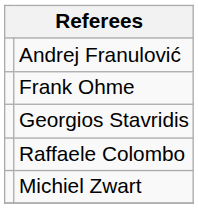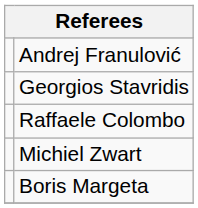 <table class="wikitable" style="display: inline-table;">
 <tr>
 <th colspan="2">Referees</th>
 </tr>
 <tr>
 <td></td>
 <td>Andrej Franulović</td>
-</tr>
-<tr>
-<td></td>
-<td>Frank Ohme</td>
 </tr>
 <tr>
 <td></td>
 <td>Georgios Stavridis</td>
 </tr>
 <tr>
 <td></td>
 <td>Raffaele Colombo</td>
 </tr>
 <tr>
 <td></td>
 <td>Michiel Zwart</td>
 </tr>
 <tr>
+<td></td>
+<td>Boris Margeta</td>
+</tr>
+<tr>
 </tr>
 </table>
